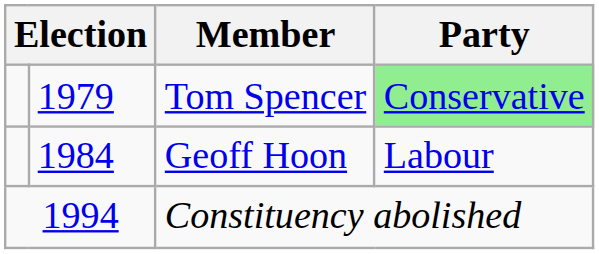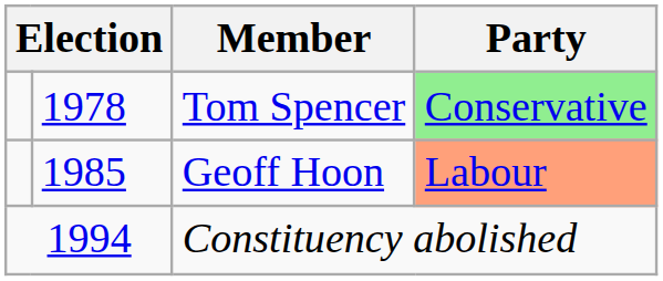 <table class="wikitable">
 <tr>
 <th colspan="2">Election</th>
 <th>Member</th>
 <th>Party</th>
 </tr>
 <tr>
 <td style="background-color: "></td>
-<td><a href='#'>1979</a></td>
+<td><a href='#'>1978</a></td>
 <td><a href='#'>Tom Spencer</a></td>
 <td style="background: lightgreen;"><a href='#'>Conservative</a></td>
 </tr>
 <tr>
 <td style="background-color: "></td>
-<td><a href='#'>1984</a></td>
+<td><a href='#'>1985</a></td>
 <td><a href='#'>Geoff Hoon</a></td>
-<td><a href='#'>Labour</a></td>
+<td style="background: lightsalmon;"><a href='#'>Labour</a></td>
 </tr>
 <tr>
 <td colspan="2" align="center"><a href='#'>1994</a></td>
 <td colspan="2"><em>Constituency abolished</em></td>
 </tr>
 </table>
